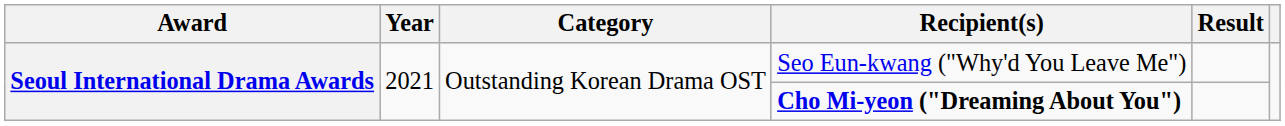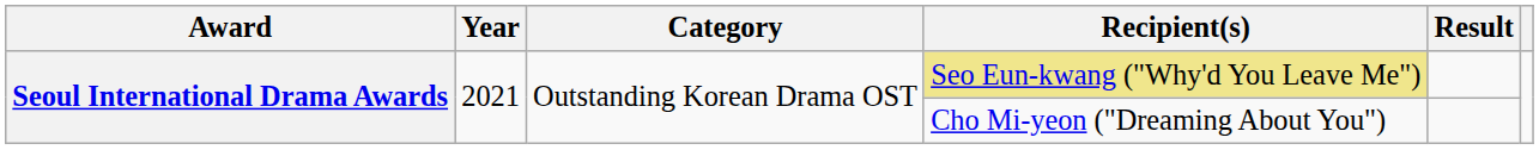 <table class="wikitable plainrowheaders">
 <tr>
 <th scope="col">Award</th>
 <th scope="col">Year</th>
 <th scope="col">Category</th>
 <th scope="col">Recipient(s)</th>
 <th scope="col">Result</th>
 <th scope="col" class="unsortable"></th>
 </tr>
 <tr>
 <th rowspan="2" scope="row"><a href='#'>Seoul International Drama Awards</a></th>
 <td rowspan="2" style="text-align:center">2021</td>
 <td rowspan="2">Outstanding Korean Drama OST</td>
-<td><a href='#'>Seo Eun-kwang</a> ("Why'd You Leave Me")</td>
+<td style="background: khaki;"><a href='#'>Seo Eun-kwang</a> ("Why'd You Leave Me")</td>
 <td></td>
 <td rowspan="2"></td>
 </tr>
 <tr>
-<td><strong><a href='#'>Cho Mi-yeon</a> ("Dreaming About You")</strong></td>
+<td><a href='#'>Cho Mi-yeon</a> ("Dreaming About You")</td>
 <td></td>
 </tr>
 </table>
